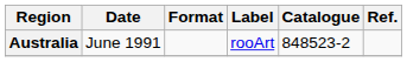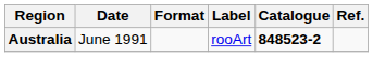 <table class="wikitable plainrowheaders">
 <tr>
 <th scope="col">Region</th>
 <th scope="col">Date</th>
 <th scope="col">Format</th>
 <th scope="col">Label</th>
 <th scope="col">Catalogue</th>
 <th scope="col">Ref.</th>
 </tr>
 <tr>
 <th scope="row">Australia</th>
 <td>June 1991</td>
 <td></td>
 <td><a href='#'>rooArt</a></td>
-<td>848523-2</td>
+<td><strong>848523-2</strong></td>
 <td style="text-align:center;"></td>
 </tr>
 <tr>
 </tr>
 </table>
